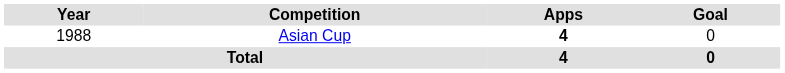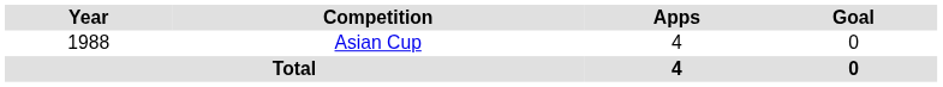 <table border="0" cellpadding="2" cellspacing="0" style="width:50%;">
 <tr style="text-align:center; background:#e0e0e0;">
 <th>Year</th>
 <th>Competition</th>
 <th>Apps</th>
 <th>Goal</th>
 </tr>
 <tr style="text-align:center;">
 <td>1988</td>
 <td><a href='#'>Asian Cup</a></td>
-<td><strong>4</strong></td>
+<td>4</td>
 <td>0</td>
 </tr>
 <tr style="text-align:center; background:#e0e0e0;">
 <th colspan="2">Total</th>
 <th style="text-align:center;">4</th>
 <th style="text-align:center;">0</th>
 </tr>
 </table>
